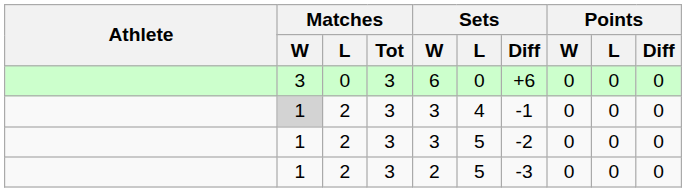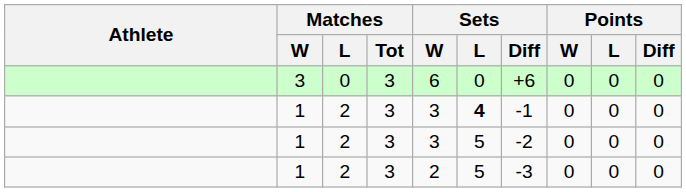 <table class=wikitable style="text-align:center">
 <tr>
 <th rowspan=2 width=220>Athlete</th>
 <th colspan=3 width=90>Matches</th>
 <th colspan=3 width=90>Sets</th>
 <th colspan=3 width=90>Points</th>
 </tr>
 <tr>
 <th width=30>W</th>
 <th width=30>L</th>
 <th width=30>Tot</th>
 <th width=30>W</th>
 <th width=30>L</th>
 <th width=30>Diff</th>
 <th width=30>W</th>
 <th width=30>L</th>
 <th width=30>Diff</th>
 </tr>
 <tr bgcolor=ccffcc>
 <td style="text-align:left"></td>
 <td>3</td>
 <td>0</td>
 <td>3</td>
 <td>6</td>
 <td>0</td>
 <td>+6</td>
 <td>0</td>
 <td>0</td>
 <td>0</td>
 </tr>
 <tr>
 <td style="text-align:left"></td>
-<td style="background: lightgrey;">1</td>
+<td>1</td>
 <td>2</td>
 <td>3</td>
 <td>3</td>
-<td>4</td>
+<td><strong>4</strong></td>
 <td>-1</td>
 <td>0</td>
 <td>0</td>
 <td>0</td>
 </tr>
 <tr>
 <td style="text-align:left"></td>
 <td>1</td>
 <td>2</td>
 <td>3</td>
 <td>3</td>
 <td>5</td>
 <td>-2</td>
 <td>0</td>
 <td>0</td>
 <td>0</td>
 </tr>
 <tr>
 <td style="text-align:left"></td>
 <td>1</td>
 <td>2</td>
 <td>3</td>
 <td>2</td>
 <td>5</td>
 <td>-3</td>
 <td>0</td>
 <td>0</td>
 <td>0</td>
 </tr>
 </table>
